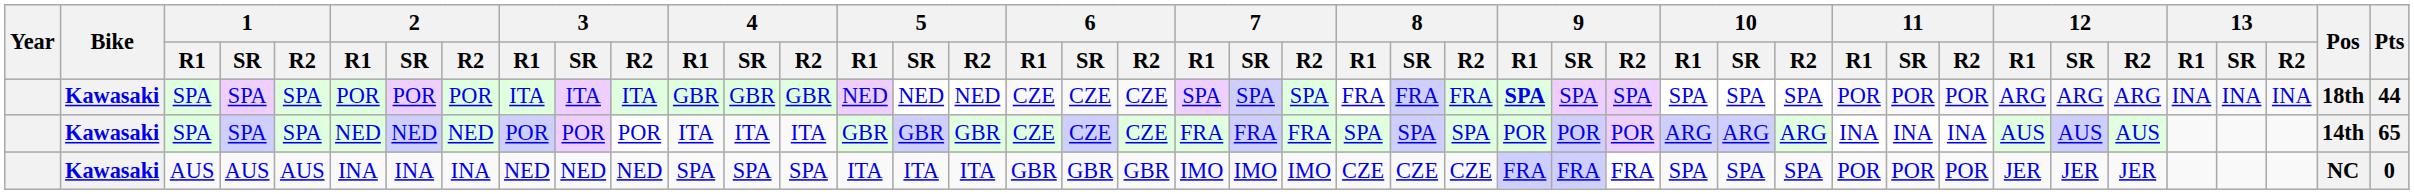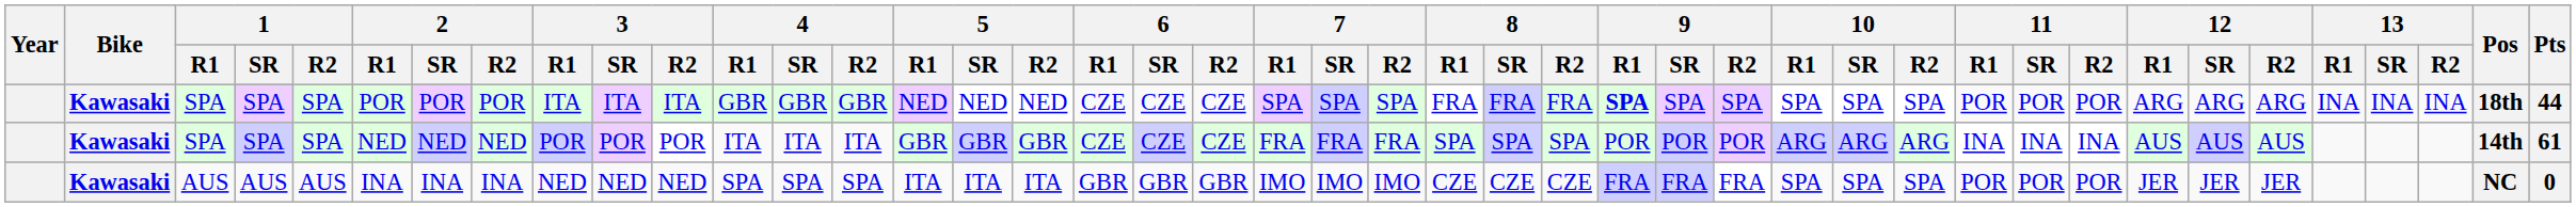 <table class="wikitable" style="text-align:center; font-size:90%;">
 <tr>
 <th rowspan="2">Year</th>
 <th rowspan="2">Bike</th>
 <th colspan="3">1</th>
 <th colspan="3">2</th>
 <th colspan="3">3</th>
 <th colspan="3">4</th>
 <th colspan="3">5</th>
 <th colspan="3">6</th>
 <th colspan="3">7</th>
 <th colspan="3">8</th>
 <th colspan="3">9</th>
 <th colspan="3">10</th>
 <th colspan="3">11</th>
 <th colspan="3">12</th>
 <th colspan="3">13</th>
 <th rowspan="2">Pos</th>
 <th rowspan="2">Pts</th>
 </tr>
 <tr>
 <th>R1</th>
 <th>SR</th>
 <th>R2</th>
 <th>R1</th>
 <th>SR</th>
 <th>R2</th>
 <th>R1</th>
 <th>SR</th>
 <th>R2</th>
 <th>R1</th>
 <th>SR</th>
 <th>R2</th>
 <th>R1</th>
 <th>SR</th>
 <th>R2</th>
 <th>R1</th>
 <th>SR</th>
 <th>R2</th>
 <th>R1</th>
 <th>SR</th>
 <th>R2</th>
 <th>R1</th>
 <th>SR</th>
 <th>R2</th>
 <th>R1</th>
 <th>SR</th>
 <th>R2</th>
 <th>R1</th>
 <th>SR</th>
 <th>R2</th>
 <th>R1</th>
 <th>SR</th>
 <th>R2</th>
 <th>R1</th>
 <th>SR</th>
 <th>R2</th>
 <th>R1</th>
 <th>SR</th>
 <th>R2</th>
 </tr>
 <tr>
 <th></th>
 <th><a href='#'>Kawasaki</a></th>
 <td style="background:#dfffdf;"><a href='#'>SPA</a><br></td>
 <td style="background:#efcfff;"><a href='#'>SPA</a><br></td>
 <td style="background:#dfffdf;"><a href='#'>SPA</a><br></td>
 <td style="background:#dfffdf;"><a href='#'>POR</a><br></td>
 <td style="background:#efcfff;"><a href='#'>POR</a><br></td>
 <td style="background:#dfffdf;"><a href='#'>POR</a><br></td>
 <td style="background:#dfffdf;"><a href='#'>ITA</a><br></td>
 <td style="background:#efcfff;"><a href='#'>ITA</a><br></td>
 <td style="background:#dfffdf;"><a href='#'>ITA</a><br></td>
 <td style="background:#dfffdf;"><a href='#'>GBR</a><br></td>
 <td style="background:#dfffdf;"><a href='#'>GBR</a><br></td>
 <td style="background:#dfffdf;"><a href='#'>GBR</a><br></td>
 <td style="background:#efcfff;"><a href='#'>NED</a><br></td>
 <td style="background:#ffffff;"><a href='#'>NED</a><br></td>
 <td style="background:#ffffff;"><a href='#'>NED</a><br></td>
 <td><a href='#'>CZE</a></td>
 <td><a href='#'>CZE</a></td>
 <td><a href='#'>CZE</a></td>
 <td style="background:#efcfff;"><a href='#'>SPA</a><br></td>
 <td style="background:#cfcfff;"><a href='#'>SPA</a><br></td>
 <td style="background:#dfffdf;"><a href='#'>SPA</a><br></td>
 <td style="background:#ffffff;"><a href='#'>FRA</a><br></td>
 <td style="background:#cfcfff;"><a href='#'>FRA</a><br></td>
 <td style="background:#dfffdf;"><a href='#'>FRA</a><br></td>
 <td style="background:#dfffdf;"><strong><a href='#'>SPA</a><br></strong></td>
 <td style="background:#efcfff;"><a href='#'>SPA</a><br></td>
 <td style="background:#efcfff;"><a href='#'>SPA</a><br></td>
 <td style="background:#ffffff;"><a href='#'>SPA</a><br></td>
 <td style="background:#ffffff;"><a href='#'>SPA</a><br></td>
 <td style="background:#ffffff;"><a href='#'>SPA</a><br></td>
 <td><a href='#'>POR</a></td>
 <td><a href='#'>POR</a></td>
 <td><a href='#'>POR</a></td>
 <td><a href='#'>ARG</a></td>
 <td><a href='#'>ARG</a></td>
 <td><a href='#'>ARG</a></td>
 <td><a href='#'>INA</a></td>
 <td><a href='#'>INA</a></td>
 <td><a href='#'>INA</a></td>
 <th>18th</th>
 <th>44</th>
 </tr>
 <tr>
 <th></th>
 <th><a href='#'>Kawasaki</a></th>
 <td style="background:#dfffdf;"><a href='#'>SPA</a><br></td>
 <td style="background:#cfcfff;"><a href='#'>SPA</a><br></td>
 <td style="background:#dfffdf;"><a href='#'>SPA</a><br></td>
 <td style="background:#dfffdf;"><a href='#'>NED</a><br></td>
 <td style="background:#cfcfff;"><a href='#'>NED</a><br></td>
 <td style="background:#dfffdf;"><a href='#'>NED</a><br></td>
 <td style="background:#cfcfff;"><a href='#'>POR</a><br></td>
 <td style="background:#efcfff;"><a href='#'>POR</a><br></td>
 <td style="background:#ffffff;"><a href='#'>POR</a><br></td>
 <td><a href='#'>ITA</a></td>
 <td><a href='#'>ITA</a></td>
 <td><a href='#'>ITA</a></td>
 <td style="background:#dfffdf;"><a href='#'>GBR</a><br></td>
 <td style="background:#cfcfff;"><a href='#'>GBR</a><br></td>
 <td style="background:#dfffdf;"><a href='#'>GBR</a><br></td>
 <td style="background:#dfffdf;"><a href='#'>CZE</a><br></td>
 <td style="background:#cfcfff;"><a href='#'>CZE</a><br></td>
 <td style="background:#DFFFDF;"><a href='#'>CZE</a><br></td>
 <td style="background:#dfffdf;"><a href='#'>FRA</a><br></td>
 <td style="background:#cfcfff;"><a href='#'>FRA</a><br></td>
 <td style="background:#dfffdf;"><a href='#'>FRA</a><br></td>
 <td style="background:#dfffdf;"><a href='#'>SPA</a><br></td>
 <td style="background:#cfcfff;"><a href='#'>SPA</a><br></td>
 <td style="background:#dfffdf;"><a href='#'>SPA</a><br></td>
 <td style="background:#dfffdf;"><a href='#'>POR</a><br></td>
 <td style="background:#cfcfff;"><a href='#'>POR</a><br></td>
 <td style="background:#efcfff;"><a href='#'>POR</a><br></td>
 <td style="background:#cfcfff;"><a href='#'>ARG</a><br></td>
 <td style="background:#cfcfff;"><a href='#'>ARG</a><br></td>
 <td style="background:#dfffdf;"><a href='#'>ARG</a><br></td>
 <td style="background:#ffffff;"><a href='#'>INA</a><br></td>
 <td style="background:#ffffff;"><a href='#'>INA</a><br></td>
 <td style="background:#ffffff;"><a href='#'>INA</a><br></td>
 <td style="background:#dfffdf;"><a href='#'>AUS</a><br></td>
 <td style="background:#cfcfff;"><a href='#'>AUS</a><br></td>
 <td style="background:#dfffdf;"><a href='#'>AUS</a><br></td>
 <td></td>
 <td></td>
 <td></td>
 <th>14th</th>
-<th>65</th>
+<th>61</th>
 </tr>
 <tr>
 <th></th>
 <th><a href='#'>Kawasaki</a></th>
 <td><a href='#'>AUS</a></td>
 <td><a href='#'>AUS</a></td>
 <td><a href='#'>AUS</a></td>
 <td><a href='#'>INA</a></td>
 <td><a href='#'>INA</a></td>
 <td><a href='#'>INA</a></td>
 <td><a href='#'>NED</a></td>
 <td><a href='#'>NED</a></td>
 <td><a href='#'>NED</a></td>
 <td><a href='#'>SPA</a></td>
 <td><a href='#'>SPA</a></td>
 <td><a href='#'>SPA</a></td>
 <td><a href='#'>ITA</a></td>
 <td><a href='#'>ITA</a></td>
 <td><a href='#'>ITA</a></td>
 <td><a href='#'>GBR</a></td>
 <td><a href='#'>GBR</a></td>
 <td><a href='#'>GBR</a></td>
 <td><a href='#'>IMO</a></td>
 <td><a href='#'>IMO</a></td>
 <td><a href='#'>IMO</a></td>
 <td><a href='#'>CZE</a></td>
 <td><a href='#'>CZE</a></td>
 <td><a href='#'>CZE</a></td>
 <td style="background:#cfcfff;"><a href='#'>FRA</a><br></td>
 <td style="background:#cfcfff;"><a href='#'>FRA</a><br></td>
 <td style="background:#ffffff;"><a href='#'>FRA</a><br></td>
 <td><a href='#'>SPA</a></td>
 <td><a href='#'>SPA</a></td>
 <td><a href='#'>SPA</a></td>
 <td><a href='#'>POR</a></td>
 <td><a href='#'>POR</a></td>
 <td><a href='#'>POR</a></td>
 <td><a href='#'>JER</a></td>
 <td><a href='#'>JER</a></td>
 <td><a href='#'>JER</a></td>
 <td></td>
 <td></td>
 <td></td>
 <th>NC</th>
 <th>0</th>
 </tr>
 </table>
